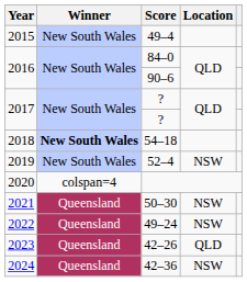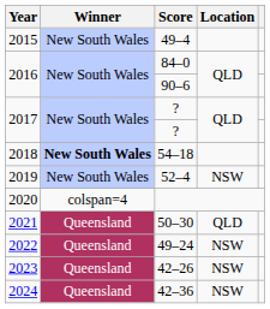 <table class="wikitable" style="text-align:center">
 <tr>
 <th>Year</th>
 <th>Winner</th>
 <th>Score</th>
 <th>Location</th>
 <th></th>
 </tr>
 <tr>
 <td>2015</td>
 <td style="background:#bcf">New South Wales</td>
 <td>49–4</td>
 <td></td>
 <td></td>
 </tr>
 <tr>
 <td rowspan=2>2016</td>
 <td rowspan=2 style="background:#bcf">New South Wales</td>
 <td>84–0</td>
 <td rowspan=2>QLD</td>
 <td></td>
 </tr>
 <tr>
 <td>90–6</td>
 <td></td>
 </tr>
 <tr>
 <td rowspan=2>2017</td>
 <td rowspan=2 style="background:#bcf">New South Wales</td>
 <td>?</td>
 <td rowspan=2>QLD</td>
 <td></td>
 </tr>
 <tr>
 <td>?</td>
 <td></td>
 </tr>
 <tr>
 <td>2018</td>
 <td style="background:#bcf"><strong>New South Wales</strong></td>
 <td>54–18</td>
 <td></td>
 <td></td>
 </tr>
 <tr>
 <td>2019</td>
 <td style="background:#bcf">New South Wales</td>
 <td>52–4</td>
 <td>NSW</td>
 <td></td>
 </tr>
 <tr>
 <td>2020</td>
 <td>colspan=4 </td>
 </tr>
 <tr>
 <td><a href='#'>2021</a></td>
 <td style="background:#b03060; color:white">Queensland</td>
 <td>50–30</td>
-<td>NSW</td>
+<td>QLD</td>
 <td></td>
 </tr>
 <tr>
 <td><a href='#'>2022</a></td>
 <td style="background:#b03060; color:white">Queensland</td>
 <td>49–24</td>
 <td>NSW</td>
 <td></td>
 </tr>
 <tr>
 <td><a href='#'>2023</a></td>
 <td style="background:#b03060; color:white">Queensland</td>
 <td>42–26</td>
-<td>QLD</td>
+<td>NSW</td>
 <td></td>
 </tr>
 <tr>
 <td><a href='#'>2024</a></td>
 <td style="background:#b03060; color:white">Queensland</td>
 <td>42–36</td>
 <td>NSW</td>
 <td></td>
 </tr>
 </table>
